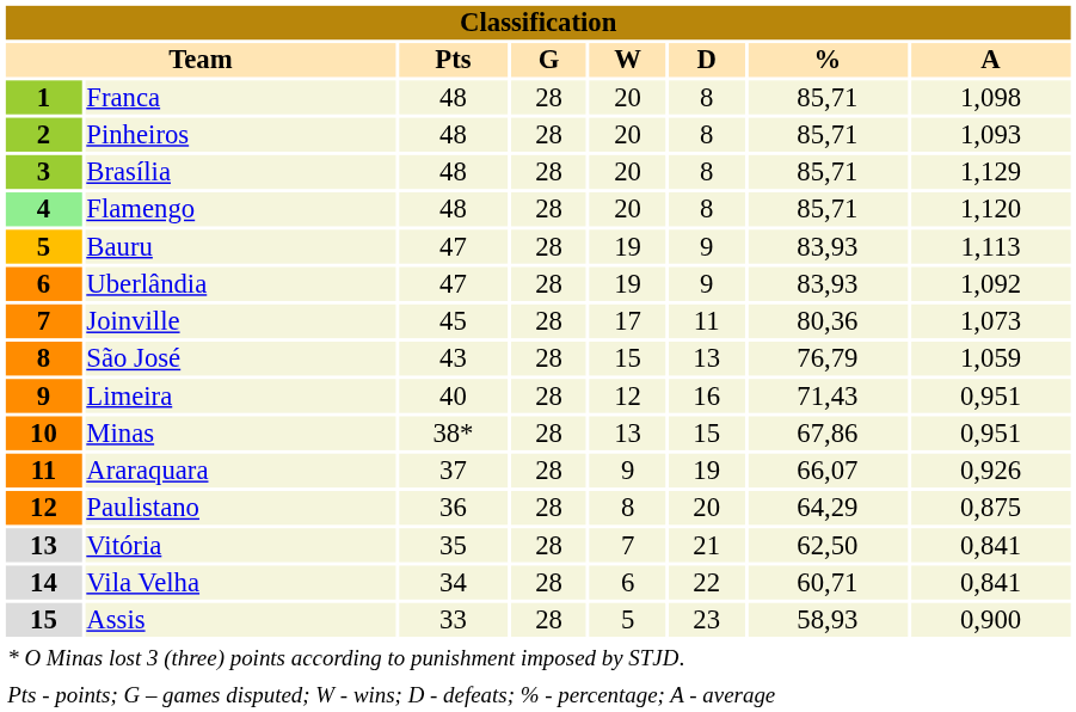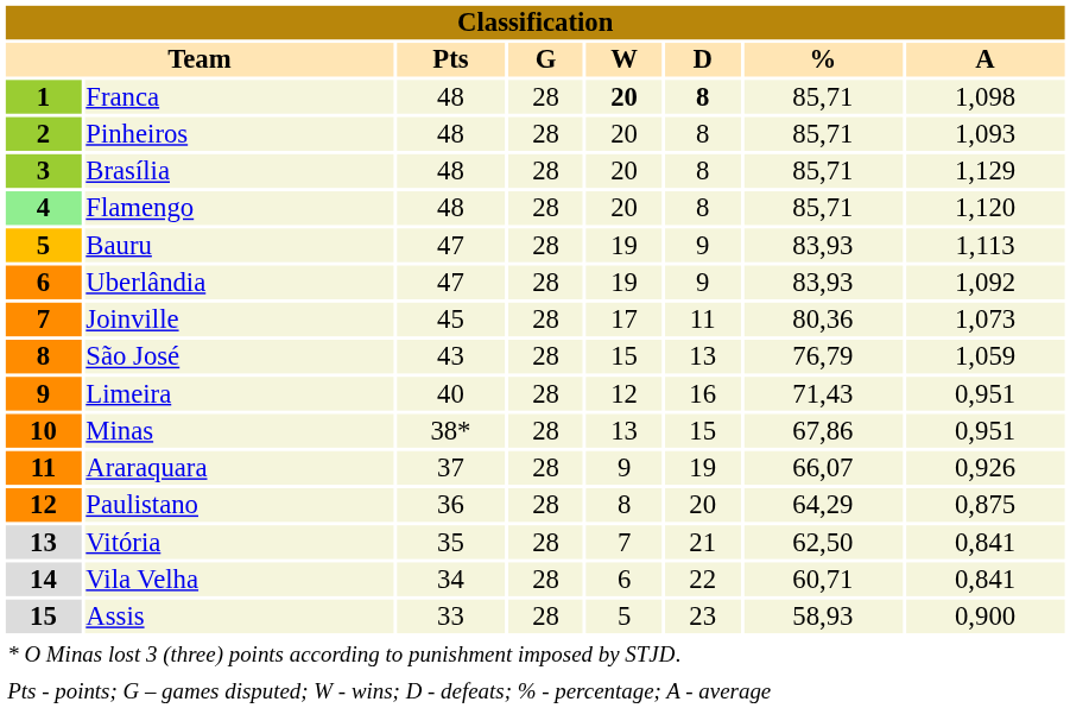 <table width=50%>
 <tr>
 <th colspan="8" bgcolor=#B8860B><span>Classification</span></th>
 </tr>
 <tr>
 <th colspan="2" bgcolor=#ffe5b4><span>Team</span></th>
 <th bgcolor=#ffe5b4 align="center"><span>Pts</span></th>
 <th bgcolor=#ffe5b4 align="center"><span>G</span></th>
 <th bgcolor=#ffe5b4 align="center"><span>W</span></th>
 <th bgcolor=#ffe5b4 align="center"><span>D</span></th>
 <th bgcolor=#ffe5b4 align="center"><span>%</span></th>
 <th bgcolor=#ffe5b4 align="center"><span>A</span></th>
 </tr>
 <tr>
 <th bgcolor=#9ACD32 align="center"><span>1</span></th>
 <td bgcolor=#f5f5dc><a href='#'>Franca</a></td>
 <td bgcolor=#f5f5dc align="center">48</td>
 <td bgcolor=#f5f5dc align="center">28</td>
-<td bgcolor=#f5f5dc align="center">20</td>
-<td bgcolor=#f5f5dc align="center">8</td>
+<td bgcolor=#f5f5dc align="center"><strong>20</strong></td>
+<td bgcolor=#f5f5dc align="center"><strong>8</strong></td>
 <td bgcolor=#f5f5dc align="center">85,71</td>
 <td bgcolor=#f5f5dc align="center">1,098</td>
 </tr>
 <tr>
 <th bgcolor=#9ACD32 align="center"><span>2</span></th>
 <td bgcolor=#f5f5dc><a href='#'>Pinheiros</a></td>
 <td bgcolor=#f5f5dc align="center">48</td>
 <td bgcolor=#f5f5dc align="center">28</td>
 <td bgcolor=#f5f5dc align="center">20</td>
 <td bgcolor=#f5f5dc align="center">8</td>
 <td bgcolor=#f5f5dc align="center">85,71</td>
 <td bgcolor=#f5f5dc align="center">1,093</td>
 </tr>
 <tr>
 <th bgcolor=#9ACD32 align="center"><span>3</span></th>
 <td bgcolor=#f5f5dc><a href='#'>Brasília</a></td>
 <td bgcolor=#f5f5dc align="center">48</td>
 <td bgcolor=#f5f5dc align="center">28</td>
 <td bgcolor=#f5f5dc align="center">20</td>
 <td bgcolor=#f5f5dc align="center">8</td>
 <td bgcolor=#f5f5dc align="center">85,71</td>
 <td bgcolor=#f5f5dc align="center">1,129</td>
 </tr>
 <tr>
 <th bgcolor=#90EE90 align="center"><span>4</span></th>
 <td bgcolor=#f5f5dc><a href='#'>Flamengo</a></td>
 <td bgcolor=#f5f5dc align="center">48</td>
 <td bgcolor=#f5f5dc align="center">28</td>
 <td bgcolor=#f5f5dc align="center">20</td>
 <td bgcolor=#f5f5dc align="center">8</td>
 <td bgcolor=#f5f5dc align="center">85,71</td>
 <td bgcolor=#f5f5dc align="center">1,120</td>
 </tr>
 <tr>
 <th bgcolor=#FFBF00 align="center"><span>5</span></th>
 <td bgcolor=#f5f5dc><a href='#'>Bauru</a></td>
 <td bgcolor=#f5f5dc align="center">47</td>
 <td bgcolor=#f5f5dc align="center">28</td>
 <td bgcolor=#f5f5dc align="center">19</td>
 <td bgcolor=#f5f5dc align="center">9</td>
 <td bgcolor=#f5f5dc align="center">83,93</td>
 <td bgcolor=#f5f5dc align="center">1,113</td>
 </tr>
 <tr>
 <th bgcolor=#FF8C00 align="center"><span>6</span></th>
 <td bgcolor=#f5f5dc><a href='#'>Uberlândia</a></td>
 <td bgcolor=#f5f5dc align="center">47</td>
 <td bgcolor=#f5f5dc align="center">28</td>
 <td bgcolor=#f5f5dc align="center">19</td>
 <td bgcolor=#f5f5dc align="center">9</td>
 <td bgcolor=#f5f5dc align="center">83,93</td>
 <td bgcolor=#f5f5dc align="center">1,092</td>
 </tr>
 <tr>
 <th bgcolor=#FF8C00 align="center"><span>7</span></th>
 <td bgcolor=#f5f5dc><a href='#'>Joinville</a></td>
 <td bgcolor=#f5f5dc align="center">45</td>
 <td bgcolor=#f5f5dc align="center">28</td>
 <td bgcolor=#f5f5dc align="center">17</td>
 <td bgcolor=#f5f5dc align="center">11</td>
 <td bgcolor=#f5f5dc align="center">80,36</td>
 <td bgcolor=#f5f5dc align="center">1,073</td>
 </tr>
 <tr>
 <th bgcolor=#FF8C00 align="center"><span>8</span></th>
 <td bgcolor=#f5f5dc><a href='#'>São José</a></td>
 <td bgcolor=#f5f5dc align="center">43</td>
 <td bgcolor=#f5f5dc align="center">28</td>
 <td bgcolor=#f5f5dc align="center">15</td>
 <td bgcolor=#f5f5dc align="center">13</td>
 <td bgcolor=#f5f5dc align="center">76,79</td>
 <td bgcolor=#f5f5dc align="center">1,059</td>
 </tr>
 <tr>
 <th bgcolor=#FF8C00 align="center"><span>9</span></th>
 <td bgcolor=#f5f5dc><a href='#'>Limeira</a></td>
 <td bgcolor=#f5f5dc align="center">40</td>
 <td bgcolor=#f5f5dc align="center">28</td>
 <td bgcolor=#f5f5dc align="center">12</td>
 <td bgcolor=#f5f5dc align="center">16</td>
 <td bgcolor=#f5f5dc align="center">71,43</td>
 <td bgcolor=#f5f5dc align="center">0,951</td>
 </tr>
 <tr>
 <th bgcolor=#FF8C00 align="center"><span>10</span></th>
 <td bgcolor=#f5f5dc><a href='#'>Minas</a></td>
 <td bgcolor=#f5f5dc align="center">38*</td>
 <td bgcolor=#f5f5dc align="center">28</td>
 <td bgcolor=#f5f5dc align="center">13</td>
 <td bgcolor=#f5f5dc align="center">15</td>
 <td bgcolor=#f5f5dc align="center">67,86</td>
 <td bgcolor=#f5f5dc align="center">0,951</td>
 </tr>
 <tr>
 <th bgcolor=#FF8C00 align="center"><span>11</span></th>
 <td bgcolor=#f5f5dc><a href='#'>Araraquara</a></td>
 <td bgcolor=#f5f5dc align="center">37</td>
 <td bgcolor=#f5f5dc align="center">28</td>
 <td bgcolor=#f5f5dc align="center">9</td>
 <td bgcolor=#f5f5dc align="center">19</td>
 <td bgcolor=#f5f5dc align="center">66,07</td>
 <td bgcolor=#f5f5dc align="center">0,926</td>
 </tr>
 <tr>
 <th bgcolor=#FF8C00 align="center"><span>12</span></th>
 <td bgcolor=#f5f5dc><a href='#'>Paulistano</a></td>
 <td bgcolor=#f5f5dc align="center">36</td>
 <td bgcolor=#f5f5dc align="center">28</td>
 <td bgcolor=#f5f5dc align="center">8</td>
 <td bgcolor=#f5f5dc align="center">20</td>
 <td bgcolor=#f5f5dc align="center">64,29</td>
 <td bgcolor=#f5f5dc align="center">0,875</td>
 </tr>
 <tr>
 <th bgcolor=#DCDCDC align="center"><span>13</span></th>
 <td bgcolor=#f5f5dc><a href='#'>Vitória</a></td>
 <td bgcolor=#f5f5dc align="center">35</td>
 <td bgcolor=#f5f5dc align="center">28</td>
 <td bgcolor=#f5f5dc align="center">7</td>
 <td bgcolor=#f5f5dc align="center">21</td>
 <td bgcolor=#f5f5dc align="center">62,50</td>
 <td bgcolor=#f5f5dc align="center">0,841</td>
 </tr>
 <tr>
 <th bgcolor=#DCDCDC align="center"><span>14</span></th>
 <td bgcolor=#f5f5dc><a href='#'>Vila Velha</a></td>
 <td bgcolor=#f5f5dc align="center">34</td>
 <td bgcolor=#f5f5dc align="center">28</td>
 <td bgcolor=#f5f5dc align="center">6</td>
 <td bgcolor=#f5f5dc align="center">22</td>
 <td bgcolor=#f5f5dc align="center">60,71</td>
 <td bgcolor=#f5f5dc align="center">0,841</td>
 </tr>
 <tr>
 <th bgcolor=#DCDCDC align="center"><span>15</span></th>
 <td bgcolor=#f5f5dc><a href='#'>Assis</a></td>
 <td bgcolor=#f5f5dc align="center">33</td>
 <td bgcolor=#f5f5dc align="center">28</td>
 <td bgcolor=#f5f5dc align="center">5</td>
 <td bgcolor=#f5f5dc align="center">23</td>
 <td bgcolor=#f5f5dc align="center">58,93</td>
 <td bgcolor=#f5f5dc align="center">0,900</td>
 </tr>
 <tr>
 <td colspan="11"><small><em>* O Minas lost 3 (three) points according to punishment imposed by STJD</em>.</small></td>
 </tr>
 <tr>
 <td colspan="11"><small><em>Pts - points; G – games disputed; W - wins; D - defeats; % - percentage; A - average</em></small></td>
 </tr>
 </table>
